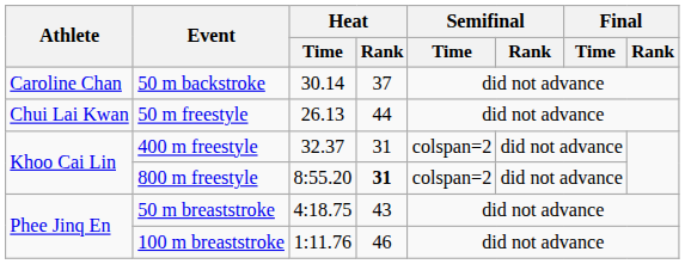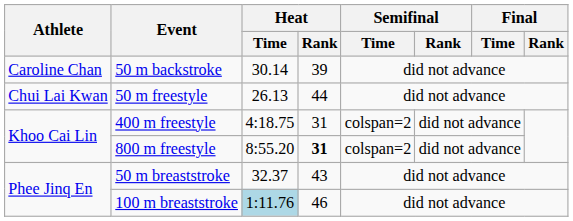 <table class=wikitable style="font-size:90%">
 <tr>
 <th rowspan="2">Athlete</th>
 <th rowspan="2">Event</th>
 <th colspan="2">Heat</th>
 <th colspan="2">Semifinal</th>
 <th colspan="2">Final</th>
 </tr>
 <tr style="font-size:95%">
 <th>Time</th>
 <th>Rank</th>
 <th>Time</th>
 <th>Rank</th>
 <th>Time</th>
 <th>Rank</th>
 </tr>
 <tr align=center>
 <td align=left><a href='#'>Caroline Chan</a></td>
 <td align=left><a href='#'>50 m backstroke</a></td>
 <td>30.14</td>
-<td>37</td>
+<td>39</td>
 <td colspan=4>did not advance</td>
 </tr>
 <tr align=center>
 <td align=left><a href='#'>Chui Lai Kwan</a></td>
 <td align=left><a href='#'>50 m freestyle</a></td>
 <td>26.13</td>
 <td>44</td>
 <td colspan=4>did not advance</td>
 </tr>
 <tr align=center>
 <td align=left rowspan=2><a href='#'>Khoo Cai Lin</a></td>
 <td align=left><a href='#'>400 m freestyle</a></td>
-<td>32.37</td>
+<td>4:18.75</td>
 <td>31</td>
 <td>colspan=2 </td>
 <td colspan=2>did not advance</td>
 </tr>
 <tr align=center>
 <td align=left><a href='#'>800 m freestyle</a></td>
 <td>8:55.20</td>
 <td><strong>31</strong></td>
 <td>colspan=2 </td>
 <td colspan=2>did not advance</td>
 </tr>
 <tr align=center>
 <td align=left rowspan=2><a href='#'>Phee Jinq En</a></td>
 <td align=left><a href='#'>50 m breaststroke</a></td>
-<td>4:18.75</td>
+<td>32.37</td>
 <td>43</td>
 <td colspan=4>did not advance</td>
 </tr>
 <tr align=center>
 <td align=left><a href='#'>100 m breaststroke</a></td>
-<td>1:11.76</td>
+<td style="background: lightblue;">1:11.76</td>
 <td>46</td>
 <td colspan=4>did not advance</td>
 </tr>
 </table>
